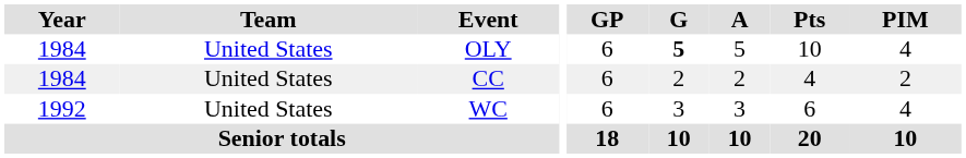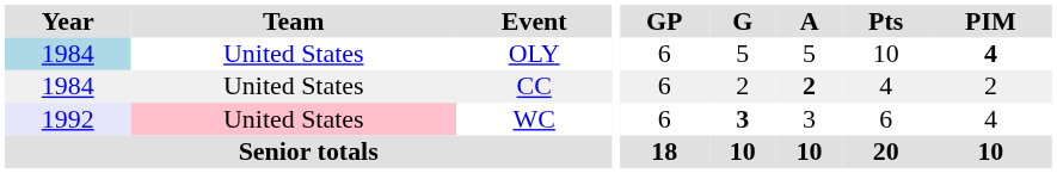 <table border="0" cellpadding="1" cellspacing="0" ID="Table3" style="text-align:center; width:40em">
 <tr bgcolor="#e0e0e0">
 <th>Year</th>
 <th>Team</th>
 <th>Event</th>
 <th rowspan="102" bgcolor="#ffffff"></th>
 <th>GP</th>
 <th>G</th>
 <th>A</th>
 <th>Pts</th>
 <th>PIM</th>
 </tr>
 <tr>
-<td><a href='#'>1984</a></td>
+<td style="background: lightblue;"><a href='#'>1984</a></td>
 <td><a href='#'>United States</a></td>
 <td><a href='#'>OLY</a></td>
 <td>6</td>
-<td><strong>5</strong></td>
+<td>5</td>
 <td>5</td>
 <td>10</td>
-<td>4</td>
+<td><strong>4</strong></td>
 </tr>
 <tr bgcolor="#f0f0f0">
 <td><a href='#'>1984</a></td>
 <td>United States</td>
 <td><a href='#'>CC</a></td>
 <td>6</td>
 <td>2</td>
-<td>2</td>
+<td><strong>2</strong></td>
 <td>4</td>
 <td>2</td>
 </tr>
 <tr>
-<td><a href='#'>1992</a></td>
-<td>United States</td>
+<td style="background: lavender;"><a href='#'>1992</a></td>
+<td style="background: pink;">United States</td>
 <td><a href='#'>WC</a></td>
 <td>6</td>
-<td>3</td>
+<td><strong>3</strong></td>
 <td>3</td>
 <td>6</td>
 <td>4</td>
 </tr>
 <tr bgcolor="#e0e0e0">
 <th colspan="3">Senior totals</th>
 <th>18</th>
 <th>10</th>
 <th>10</th>
 <th>20</th>
 <th>10</th>
 </tr>
 </table>
